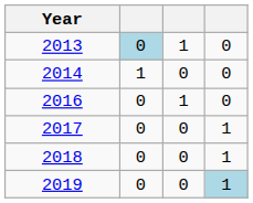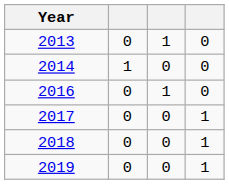 <table class="wikitable" width=30% style="font-size:100%; text-align:center;">
 <tr>
 <th>Year</th>
 <th></th>
 <th></th>
 <th></th>
 </tr>
 <tr>
 <td><a href='#'>2013</a></td>
-<td style="background: lightblue;">0</td>
+<td>0</td>
 <td>1</td>
 <td>0</td>
 </tr>
 <tr>
 <td><a href='#'>2014</a></td>
 <td>1</td>
 <td>0</td>
 <td>0</td>
 </tr>
 <tr>
 <td><a href='#'>2016</a></td>
 <td>0</td>
 <td>1</td>
 <td>0</td>
 </tr>
 <tr>
 <td><a href='#'>2017</a></td>
 <td>0</td>
 <td>0</td>
 <td>1</td>
 </tr>
 <tr>
 <td><a href='#'>2018</a></td>
 <td>0</td>
 <td>0</td>
 <td>1</td>
 </tr>
 <tr>
 <td><a href='#'>2019</a></td>
 <td>0</td>
 <td>0</td>
-<td style="background: lightblue;">1</td>
+<td>1</td>
 </tr>
 </table>
